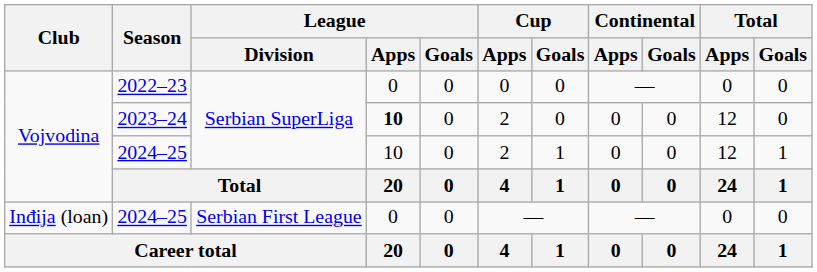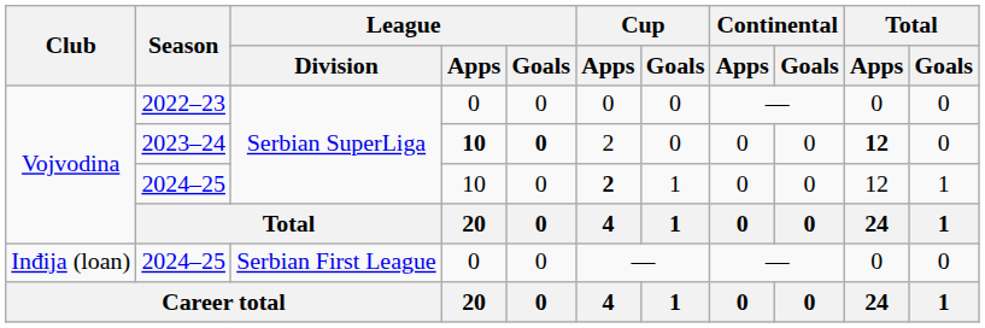 <table class="wikitable" style="text-align: center;font-size:90%">
 <tr>
 <th rowspan="2">Club</th>
 <th rowspan="2">Season</th>
 <th colspan="3">League</th>
 <th colspan="2">Cup</th>
 <th colspan="2">Continental</th>
 <th colspan="2">Total</th>
 </tr>
 <tr>
 <th>Division</th>
 <th>Apps</th>
 <th>Goals</th>
 <th>Apps</th>
 <th>Goals</th>
 <th>Apps</th>
 <th>Goals</th>
 <th>Apps</th>
 <th>Goals</th>
 </tr>
 <tr>
 <td rowspan="4" valign="center"><a href='#'>Vojvodina</a></td>
 <td><a href='#'>2022–23</a></td>
 <td rowspan="3"><a href='#'>Serbian SuperLiga</a></td>
 <td>0</td>
 <td>0</td>
 <td>0</td>
 <td>0</td>
 <td colspan="2">—</td>
 <td>0</td>
 <td>0</td>
 </tr>
 <tr>
 <td><a href='#'>2023–24</a></td>
 <td><strong>10</strong></td>
-<td>0</td>
+<td><strong>0</strong></td>
 <td>2</td>
 <td>0</td>
 <td>0</td>
 <td>0</td>
-<td>12</td>
+<td><strong>12</strong></td>
 <td>0</td>
 </tr>
 <tr>
 <td><a href='#'>2024–25</a></td>
 <td>10</td>
 <td>0</td>
-<td>2</td>
+<td><strong>2</strong></td>
 <td>1</td>
 <td>0</td>
 <td>0</td>
 <td>12</td>
 <td>1</td>
 </tr>
 <tr>
 <th colspan="2">Total</th>
 <th>20</th>
 <th>0</th>
 <th>4</th>
 <th>1</th>
 <th>0</th>
 <th>0</th>
 <th>24</th>
 <th>1</th>
 </tr>
 <tr>
 <td valign="center"><a href='#'>Inđija</a> (loan)</td>
 <td><a href='#'>2024–25</a></td>
 <td><a href='#'>Serbian First League</a></td>
 <td>0</td>
 <td>0</td>
 <td colspan="2">—</td>
 <td colspan="2">—</td>
 <td>0</td>
 <td>0</td>
 </tr>
 <tr>
 <th colspan="3">Career total</th>
 <th>20</th>
 <th>0</th>
 <th>4</th>
 <th>1</th>
 <th>0</th>
 <th>0</th>
 <th>24</th>
 <th>1</th>
 </tr>
 </table>
